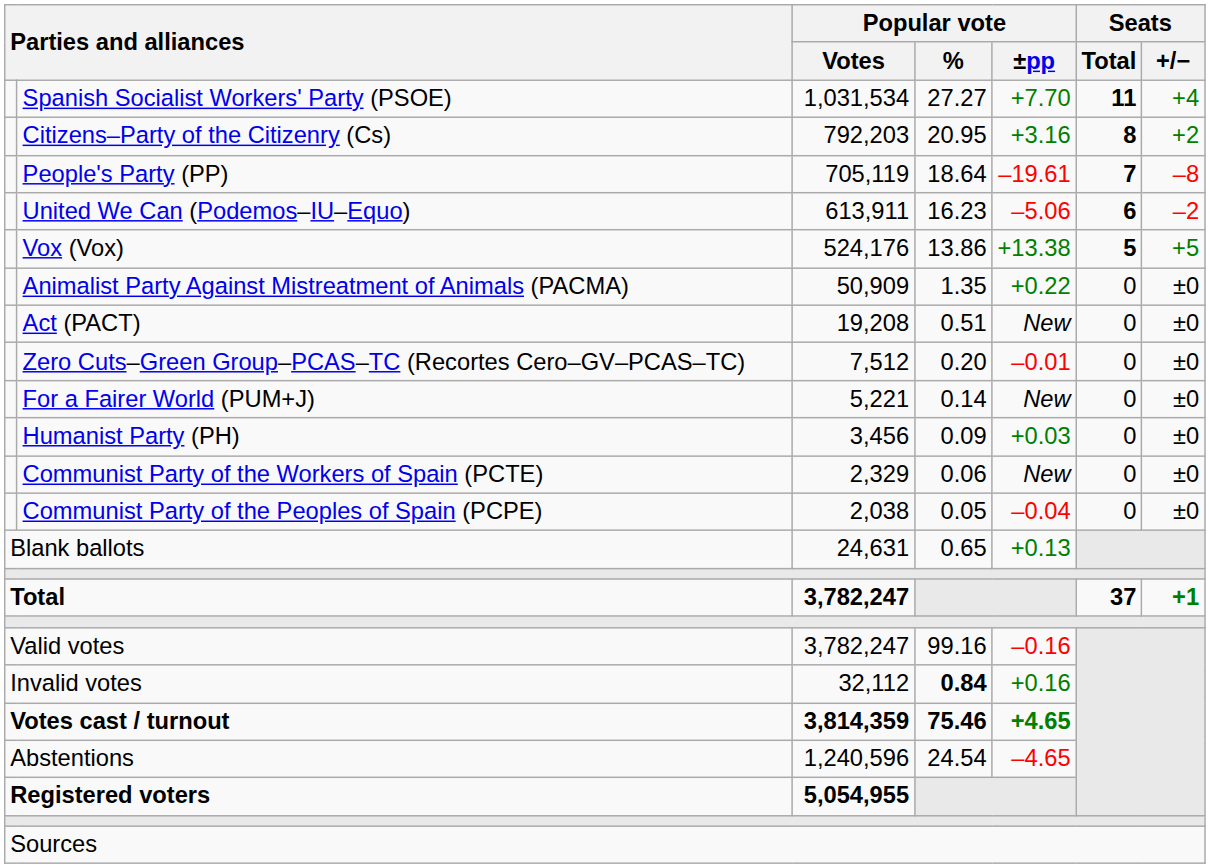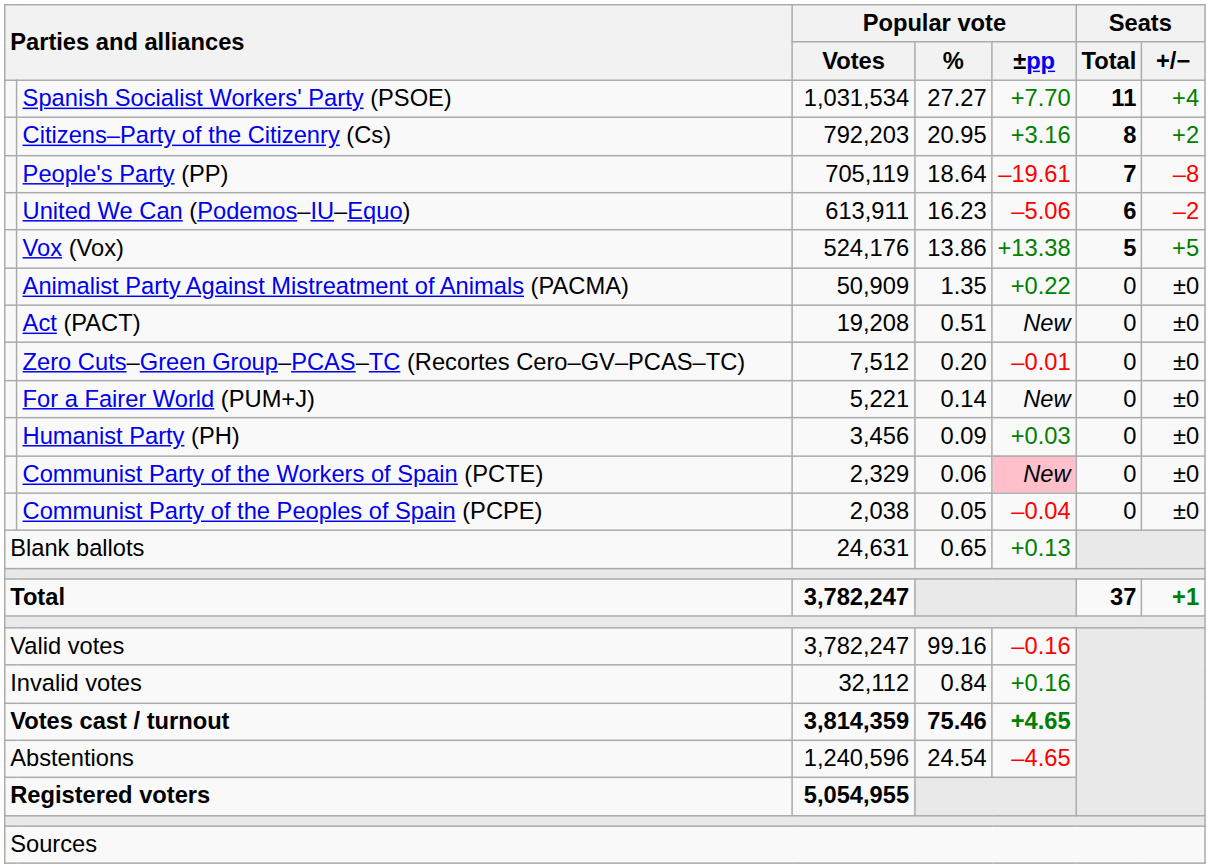 <table class="wikitable" style="text-align:right;">
 <tr>
 <th style="text-align:left;" rowspan="2" colspan="2" width="525">Parties and alliances</th>
 <th colspan="3">Popular vote</th>
 <th colspan="2">Seats</th>
 </tr>
 <tr>
 <th width="75">Votes</th>
 <th width="45">%</th>
 <th width="45">±<a href='#'>pp</a></th>
 <th width="35">Total</th>
 <th width="35">+/−</th>
 </tr>
 <tr>
 <td width="1" style="color:inherit;background:"></td>
 <td align="left"><a href='#'>Spanish Socialist Workers' Party</a> (PSOE)</td>
 <td>1,031,534</td>
 <td>27.27</td>
 <td style="color:green;">+7.70</td>
 <td><strong>11</strong></td>
 <td style="color:green;">+4</td>
 </tr>
 <tr>
 <td style="color:inherit;background:"></td>
 <td align="left"><a href='#'>Citizens–Party of the Citizenry</a> (Cs)</td>
 <td>792,203</td>
 <td>20.95</td>
 <td style="color:green;">+3.16</td>
 <td><strong>8</strong></td>
 <td style="color:green;">+2</td>
 </tr>
 <tr>
 <td style="color:inherit;background:"></td>
 <td align="left"><a href='#'>People's Party</a> (PP)</td>
 <td>705,119</td>
 <td>18.64</td>
 <td style="color:red;">–19.61</td>
 <td><strong>7</strong></td>
 <td style="color:red;">–8</td>
 </tr>
 <tr>
 <td style="color:inherit;background:"></td>
 <td align="left"><a href='#'>United We Can</a> (<a href='#'>Podemos</a>–<a href='#'>IU</a>–<a href='#'>Equo</a>)</td>
 <td>613,911</td>
 <td>16.23</td>
 <td style="color:red;">–5.06</td>
 <td><strong>6</strong></td>
 <td style="color:red;">–2</td>
 </tr>
 <tr>
 <td style="color:inherit;background:"></td>
 <td align="left"><a href='#'>Vox</a> (Vox)</td>
 <td>524,176</td>
 <td>13.86</td>
 <td style="color:green;">+13.38</td>
 <td><strong>5</strong></td>
 <td style="color:green;">+5</td>
 </tr>
 <tr>
 <td style="color:inherit;background:"></td>
 <td align="left"><a href='#'>Animalist Party Against Mistreatment of Animals</a> (PACMA)</td>
 <td>50,909</td>
 <td>1.35</td>
 <td style="color:green;">+0.22</td>
 <td>0</td>
 <td>±0</td>
 </tr>
 <tr>
 <td style="color:inherit;background:"></td>
 <td align="left"><a href='#'>Act</a> (PACT)</td>
 <td>19,208</td>
 <td>0.51</td>
 <td><em>New</em></td>
 <td>0</td>
 <td>±0</td>
 </tr>
 <tr>
 <td style="color:inherit;background:"></td>
 <td align="left"><a href='#'>Zero Cuts</a>–<a href='#'>Green Group</a>–<a href='#'>PCAS</a>–<a href='#'>TC</a> (Recortes Cero–GV–PCAS–TC)</td>
 <td>7,512</td>
 <td>0.20</td>
 <td style="color:red;">–0.01</td>
 <td>0</td>
 <td>±0</td>
 </tr>
 <tr>
 <td style="color:inherit;background:"></td>
 <td align="left"><a href='#'>For a Fairer World</a> (PUM+J)</td>
 <td>5,221</td>
 <td>0.14</td>
 <td><em>New</em></td>
 <td>0</td>
 <td>±0</td>
 </tr>
 <tr>
 <td style="color:inherit;background:"></td>
 <td align="left"><a href='#'>Humanist Party</a> (PH)</td>
 <td>3,456</td>
 <td>0.09</td>
 <td style="color:green;">+0.03</td>
 <td>0</td>
 <td>±0</td>
 </tr>
 <tr>
 <td style="color:inherit;background:"></td>
 <td align="left"><a href='#'>Communist Party of the Workers of Spain</a> (PCTE)</td>
 <td>2,329</td>
 <td>0.06</td>
-<td><em>New</em></td>
+<td style="background: pink;"><em>New</em></td>
 <td>0</td>
 <td>±0</td>
 </tr>
 <tr>
 <td style="color:inherit;background:"></td>
 <td align="left"><a href='#'>Communist Party of the Peoples of Spain</a> (PCPE)</td>
 <td>2,038</td>
 <td>0.05</td>
 <td style="color:red;">–0.04</td>
 <td>0</td>
 <td>±0</td>
 </tr>
 <tr>
 <td align="left" colspan="2">Blank ballots</td>
 <td>24,631</td>
 <td>0.65</td>
 <td style="color:green;">+0.13</td>
 <td bgcolor="#E9E9E9" colspan="2"></td>
 </tr>
 <tr>
 <td colspan="7" bgcolor="#E9E9E9"></td>
 </tr>
 <tr style="font-weight:bold;">
 <td align="left" colspan="2">Total</td>
 <td>3,782,247</td>
 <td bgcolor="#E9E9E9" colspan="2"></td>
 <td>37</td>
 <td style="color:green;">+1</td>
 </tr>
 <tr>
 <td colspan="7" bgcolor="#E9E9E9"></td>
 </tr>
 <tr>
 <td align="left" colspan="2">Valid votes</td>
 <td>3,782,247</td>
 <td>99.16</td>
 <td style="color:red;">–0.16</td>
 <td bgcolor="#E9E9E9" colspan="2" rowspan="5"></td>
 </tr>
 <tr>
 <td align="left" colspan="2">Invalid votes</td>
 <td>32,112</td>
-<td><strong>0.84</strong></td>
+<td>0.84</td>
 <td style="color:green;">+0.16</td>
 </tr>
 <tr style="font-weight:bold;">
 <td align="left" colspan="2">Votes cast / turnout</td>
 <td>3,814,359</td>
 <td>75.46</td>
 <td style="color:green;">+4.65</td>
 </tr>
 <tr>
 <td align="left" colspan="2">Abstentions</td>
 <td>1,240,596</td>
 <td>24.54</td>
 <td style="color:red;">–4.65</td>
 </tr>
 <tr style="font-weight:bold;">
 <td align="left" colspan="2">Registered voters</td>
 <td>5,054,955</td>
 <td bgcolor="#E9E9E9" colspan="2"></td>
 </tr>
 <tr>
 <td colspan="7" bgcolor="#E9E9E9"></td>
 </tr>
 <tr>
 <td align="left" colspan="7">Sources</td>
 </tr>
 </table>
